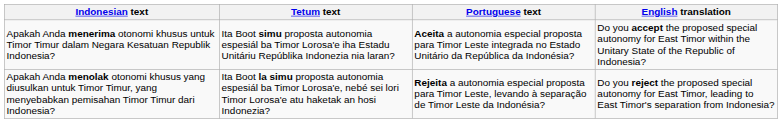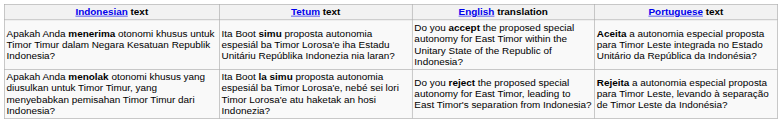 <table class="wikitable">
 <tr>
 <th><a href='#'>Indonesian</a> text</th>
 <th><a href='#'>Tetum</a> text</th>
+<th><a href='#'>English</a> translation</th>
 <th><a href='#'>Portuguese</a> text</th>
-<th><a href='#'>English</a> translation</th>
 </tr>
 <tr>
 <td>Apakah Anda <strong>menerima</strong> otonomi khusus untuk Timor Timur dalam Negara Kesatuan Republik Indonesia?</td>
 <td>Ita Boot <strong>simu</strong> proposta autonomia espesiál ba Timor Lorosa'e iha Estadu Unitáriu Repúblika Indonezia nia laran?</td>
+<td>Do you <strong>accept</strong> the proposed special autonomy for East Timor within the Unitary State of the Republic of Indonesia?</td>
 <td><strong>Aceita</strong> a autonomia especial proposta para Timor Leste integrada no Estado Unitário da República da Indonésia?</td>
-<td>Do you <strong>accept</strong> the proposed special autonomy for East Timor within the Unitary State of the Republic of Indonesia?</td>
 </tr>
 <tr>
 <td>Apakah Anda <strong>menolak</strong> otonomi khusus yang diusulkan untuk Timor Timur, yang menyebabkan pemisahan Timor Timur dari Indonesia?</td>
 <td>Ita Boot <strong>la simu</strong> proposta autonomia espesiál ba Timor Lorosa'e, nebé sei lori Timor Lorosa'e atu haketak an hosi Indonezia?</td>
+<td>Do you <strong>reject</strong> the proposed special autonomy for East Timor, leading to East Timor's separation from Indonesia?</td>
 <td><strong>Rejeita</strong> a autonomia especial proposta para Timor Leste, levando à separação de Timor Leste da Indonésia?</td>
-<td>Do you <strong>reject</strong> the proposed special autonomy for East Timor, leading to East Timor's separation from Indonesia?</td>
 </tr>
 </table>
